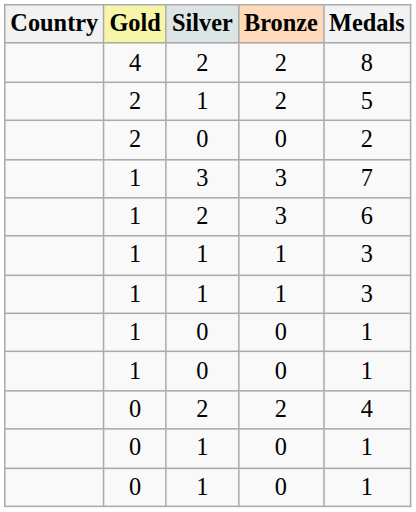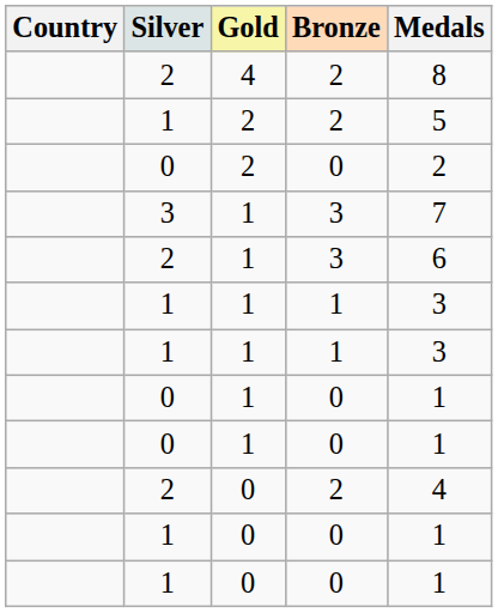 <table class="wikitable sortable">
 <tr>
 <th>Country</th>
+<th style="background-color: #DCE5E5;"> Silver</th>
 <th style="background-color: #F7F6A8;"> Gold</th>
-<th style="background-color: #DCE5E5;"> Silver</th>
 <th style="background-color: #FFDAB9;"> Bronze</th>
 <th>Medals</th>
 </tr>
 <tr align=center>
 <td align=left></td>
+<td>2</td>
 <td>4</td>
-<td>2</td>
 <td>2</td>
 <td>8</td>
 </tr>
 <tr align=center>
 <td align=left></td>
+<td>1</td>
 <td>2</td>
-<td>1</td>
 <td>2</td>
 <td>5</td>
 </tr>
 <tr align=center>
 <td align=left></td>
+<td>0</td>
 <td>2</td>
-<td>0</td>
 <td>0</td>
 <td>2</td>
 </tr>
 <tr align=center>
 <td align=left></td>
+<td>3</td>
 <td>1</td>
-<td>3</td>
 <td>3</td>
 <td>7</td>
 </tr>
 <tr align=center>
 <td align=left></td>
+<td>2</td>
 <td>1</td>
-<td>2</td>
 <td>3</td>
 <td>6</td>
 </tr>
 <tr align=center>
 <td align=left></td>
 <td>1</td>
 <td>1</td>
 <td>1</td>
 <td>3</td>
 </tr>
 <tr align=center>
 <td align=left></td>
 <td>1</td>
 <td>1</td>
 <td>1</td>
 <td>3</td>
 </tr>
 <tr align=center>
 <td align=left></td>
+<td>0</td>
+<td>1</td>
+<td>0</td>
+<td>1</td>
+</tr>
+<tr align=center>
+<td align=left></td>
+<td>0</td>
+<td>1</td>
+<td>0</td>
+<td>1</td>
+</tr>
+<tr align=center>
+<td align=left></td>
+<td>2</td>
+<td>0</td>
+<td>2</td>
+<td>4</td>
+</tr>
+<tr align=center>
+<td align=left></td>
 <td>1</td>
 <td>0</td>
 <td>0</td>
 <td>1</td>
 </tr>
 <tr align=center>
 <td align=left></td>
 <td>1</td>
 <td>0</td>
 <td>0</td>
 <td>1</td>
 </tr>
-<tr align=center>
-<td align=left></td>
-<td>0</td>
-<td>2</td>
-<td>2</td>
-<td>4</td>
-</tr>
-<tr align=center>
-<td align=left></td>
-<td>0</td>
-<td>1</td>
-<td>0</td>
-<td>1</td>
-</tr>
-<tr align=center>
-<td align=left></td>
-<td>0</td>
-<td>1</td>
-<td>0</td>
-<td>1</td>
-</tr>
 </table>
